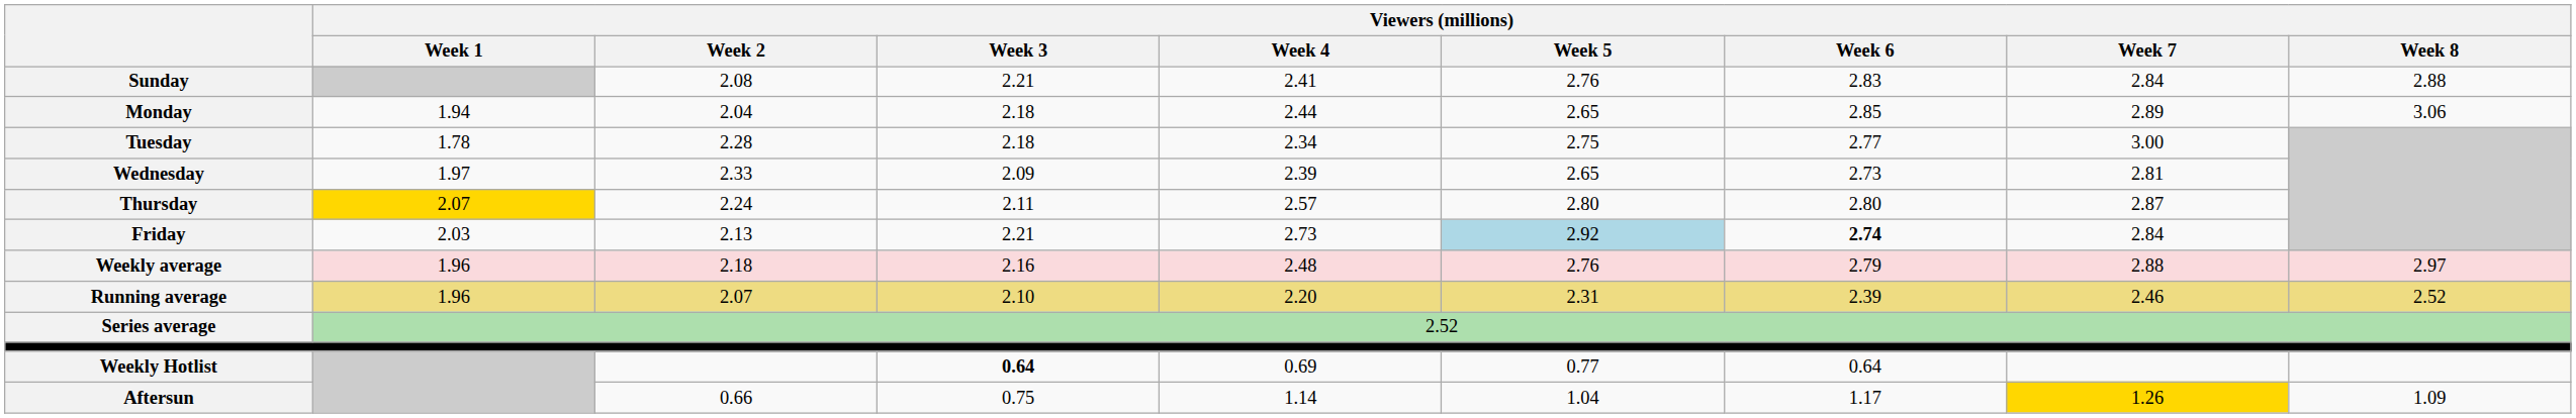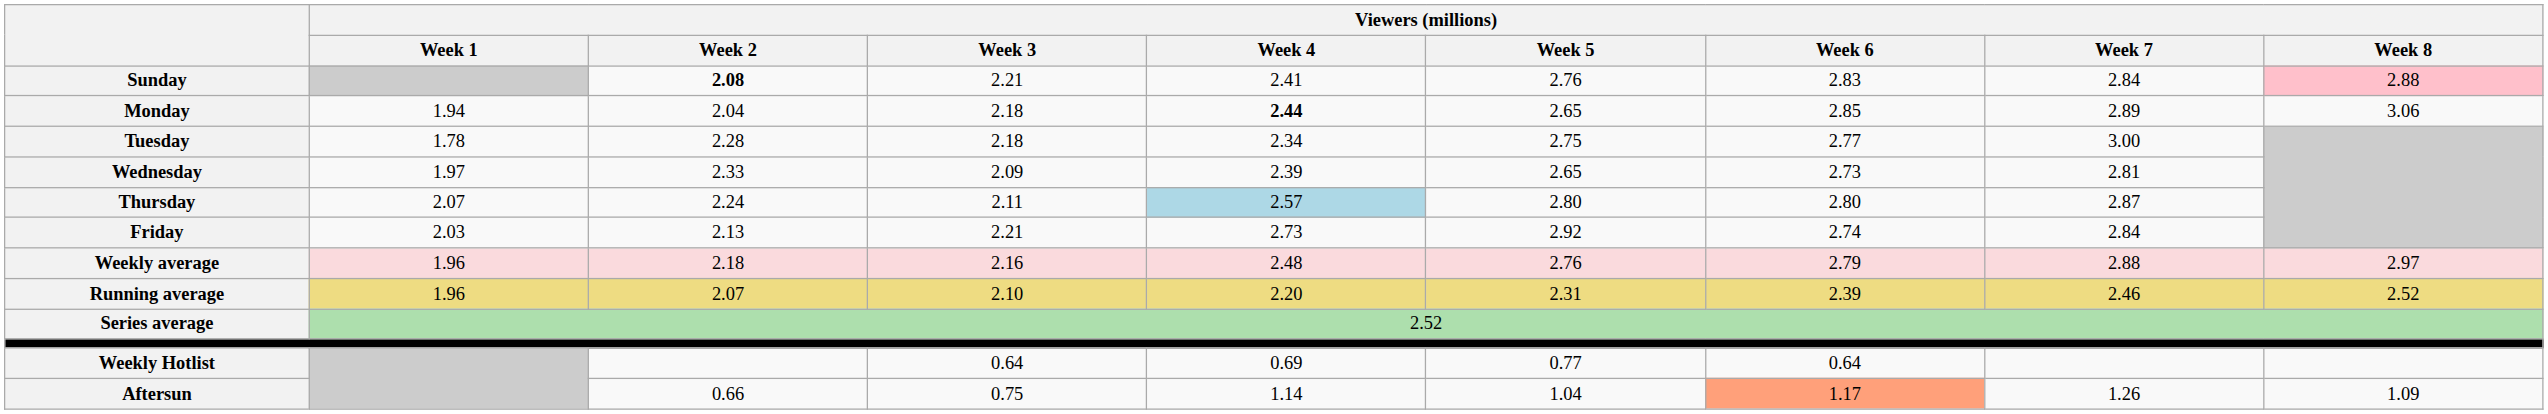 <table class="wikitable" style="font-size:90%; text-align:center; width: 100%; margin-left: auto; margin-right: auto;">
 <tr>
 <th scope="col" rowspan="2" style="width:12%;"></th>
 <th scope=col colspan=13>Viewers (millions)</th>
 </tr>
 <tr>
 <th>Week 1</th>
 <th>Week 2</th>
 <th>Week 3</th>
 <th>Week 4</th>
 <th>Week 5</th>
 <th>Week 6</th>
 <th>Week 7</th>
 <th>Week 8</th>
 </tr>
 <tr>
 <th>Sunday</th>
 <td style="background:#ccc;"></td>
-<td>2.08</td>
+<td><strong>2.08</strong></td>
 <td>2.21</td>
 <td>2.41</td>
 <td>2.76</td>
 <td>2.83</td>
 <td>2.84</td>
-<td>2.88</td>
+<td style="background: pink;">2.88</td>
 </tr>
 <tr>
 <th>Monday</th>
 <td>1.94</td>
 <td>2.04</td>
 <td>2.18</td>
-<td>2.44</td>
+<td><strong>2.44</strong></td>
 <td>2.65</td>
 <td>2.85</td>
 <td>2.89</td>
 <td>3.06</td>
 </tr>
 <tr>
 <th>Tuesday</th>
 <td>1.78</td>
 <td>2.28</td>
 <td>2.18</td>
 <td>2.34</td>
 <td>2.75</td>
 <td>2.77</td>
 <td>3.00</td>
 <td style="background:#ccc;" rowspan="4"></td>
 </tr>
 <tr>
 <th>Wednesday</th>
 <td>1.97</td>
 <td>2.33</td>
 <td>2.09</td>
 <td>2.39</td>
 <td>2.65</td>
 <td>2.73</td>
 <td>2.81</td>
 </tr>
 <tr>
 <th>Thursday</th>
-<td style="background: gold;">2.07</td>
+<td>2.07</td>
 <td>2.24</td>
 <td>2.11</td>
-<td>2.57</td>
+<td style="background: lightblue;">2.57</td>
 <td>2.80</td>
 <td>2.80</td>
 <td>2.87</td>
 </tr>
 <tr>
 <th>Friday</th>
 <td>2.03</td>
 <td>2.13</td>
 <td>2.21</td>
 <td>2.73</td>
-<td style="background: lightblue;">2.92</td>
-<td><strong>2.74</strong></td>
+<td>2.92</td>
+<td>2.74</td>
 <td>2.84</td>
 </tr>
 <tr>
 <th>Weekly average</th>
 <td style="background:#FADADD;">1.96</td>
 <td style="background:#FADADD;">2.18</td>
 <td style="background:#FADADD;">2.16</td>
 <td style="background:#FADADD;">2.48</td>
 <td style="background:#FADADD;">2.76</td>
 <td style="background:#FADADD;">2.79</td>
 <td style="background:#FADADD;">2.88</td>
 <td style="background:#FADADD;">2.97</td>
 </tr>
 <tr>
 <th>Running average</th>
 <td style="background:#EEDC82;">1.96</td>
 <td style="background:#EEDC82;">2.07</td>
 <td style="background:#EEDC82;">2.10</td>
 <td style="background:#EEDC82;">2.20</td>
 <td style="background:#EEDC82;">2.31</td>
 <td style="background:#EEDC82;">2.39</td>
 <td style="background:#EEDC82;">2.46</td>
 <td style="background:#EEDC82;">2.52</td>
 </tr>
 <tr>
 <th>Series average</th>
 <td colspan="8" style="background:#ADDFAD;">2.52</td>
 </tr>
 <tr>
 <th style="background:#000" colspan="9"></th>
 </tr>
 <tr>
 <th>Weekly Hotlist</th>
 <td style="background:#ccc;" rowspan="2"></td>
 <td></td>
-<td><strong>0.64</strong></td>
+<td>0.64</td>
 <td>0.69</td>
 <td>0.77</td>
 <td>0.64</td>
 <td></td>
 <td></td>
 </tr>
 <tr>
 <th>Aftersun</th>
 <td>0.66</td>
 <td>0.75</td>
 <td>1.14</td>
 <td>1.04</td>
-<td>1.17</td>
-<td style="background: gold;">1.26</td>
+<td style="background: lightsalmon;">1.17</td>
+<td>1.26</td>
 <td>1.09</td>
 </tr>
 </table>
